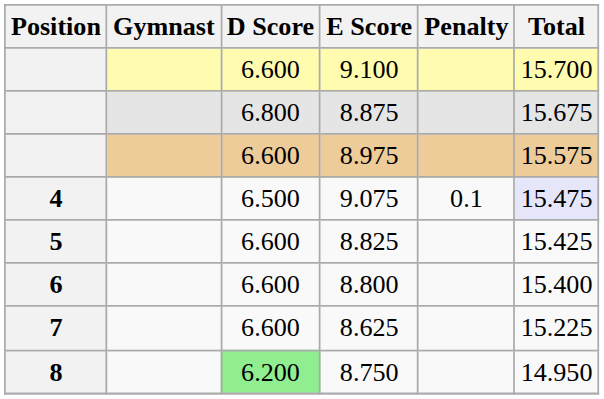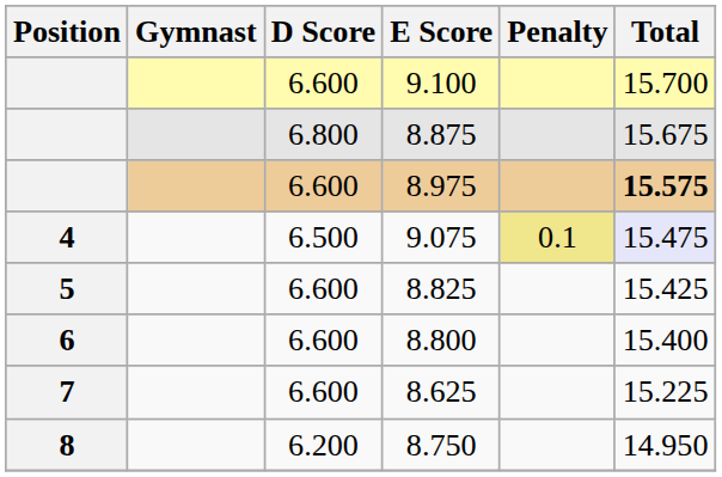 <table class="wikitable sortable" style="text-align:center; font-size:95%">
 <tr>
 <th scope=col>Position</th>
 <th scope=col>Gymnast</th>
 <th scope=col>D Score</th>
 <th scope=col>E Score</th>
 <th scope=col>Penalty</th>
 <th scope=col>Total</th>
 </tr>
 <tr bgcolor=fffcaf>
 <th scope=row></th>
 <td align=left></td>
 <td>6.600</td>
 <td>9.100</td>
 <td></td>
 <td>15.700</td>
 </tr>
 <tr bgcolor=e5e5e5>
 <th scope=row></th>
 <td align=left></td>
 <td>6.800</td>
 <td>8.875</td>
 <td></td>
 <td>15.675</td>
 </tr>
 <tr bgcolor=eecc99>
 <th scope=row></th>
 <td align=left></td>
 <td>6.600</td>
 <td>8.975</td>
 <td></td>
-<td>15.575</td>
+<td><strong>15.575</strong></td>
 </tr>
 <tr>
 <th scope=row>4</th>
 <td align=left></td>
 <td>6.500</td>
 <td>9.075</td>
-<td>0.1</td>
+<td style="background: khaki;">0.1</td>
 <td style="background: lavender;">15.475</td>
 </tr>
 <tr>
 <th scope=row>5</th>
 <td align=left></td>
 <td>6.600</td>
 <td>8.825</td>
 <td></td>
 <td>15.425</td>
 </tr>
 <tr>
 <th scope=row>6</th>
 <td align=left></td>
 <td>6.600</td>
 <td>8.800</td>
 <td></td>
 <td>15.400</td>
 </tr>
 <tr>
 <th scope=row>7</th>
 <td align=left></td>
 <td>6.600</td>
 <td>8.625</td>
 <td></td>
 <td>15.225</td>
 </tr>
 <tr>
 <th scope=row>8</th>
 <td align=left></td>
-<td style="background: lightgreen;">6.200</td>
+<td>6.200</td>
 <td>8.750</td>
 <td></td>
 <td>14.950</td>
 </tr>
 <tr>
 </tr>
 </table>
